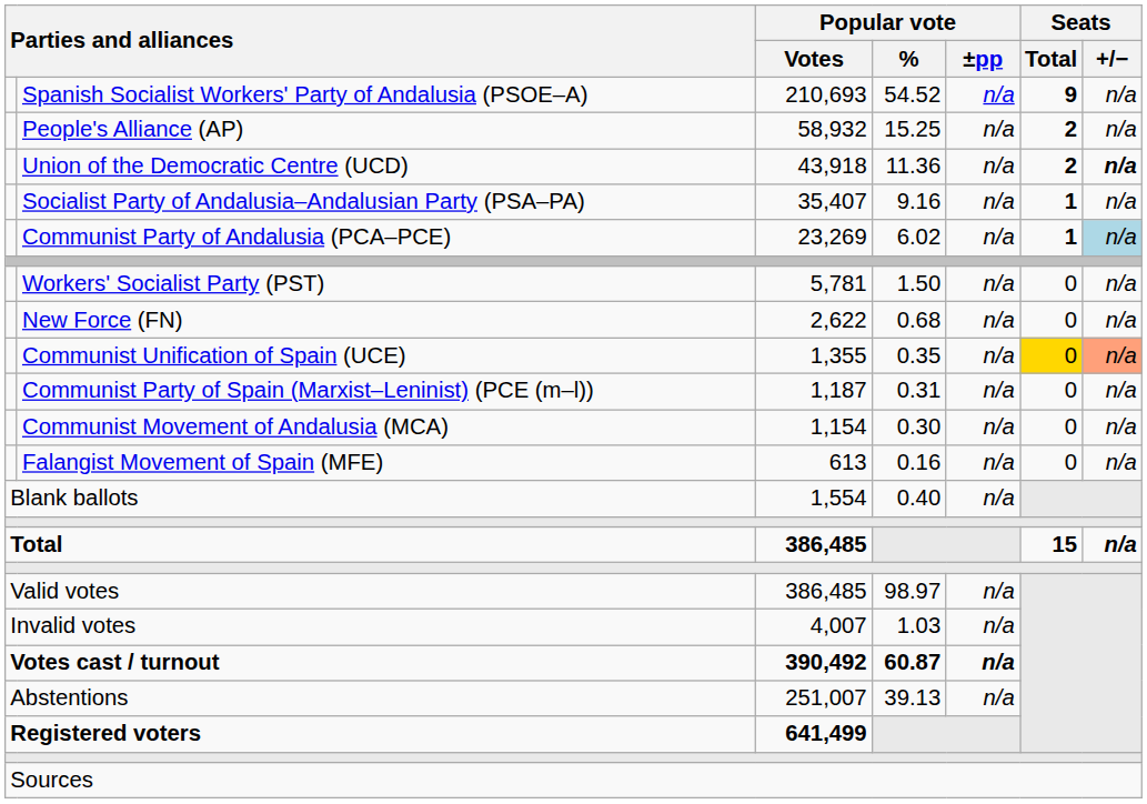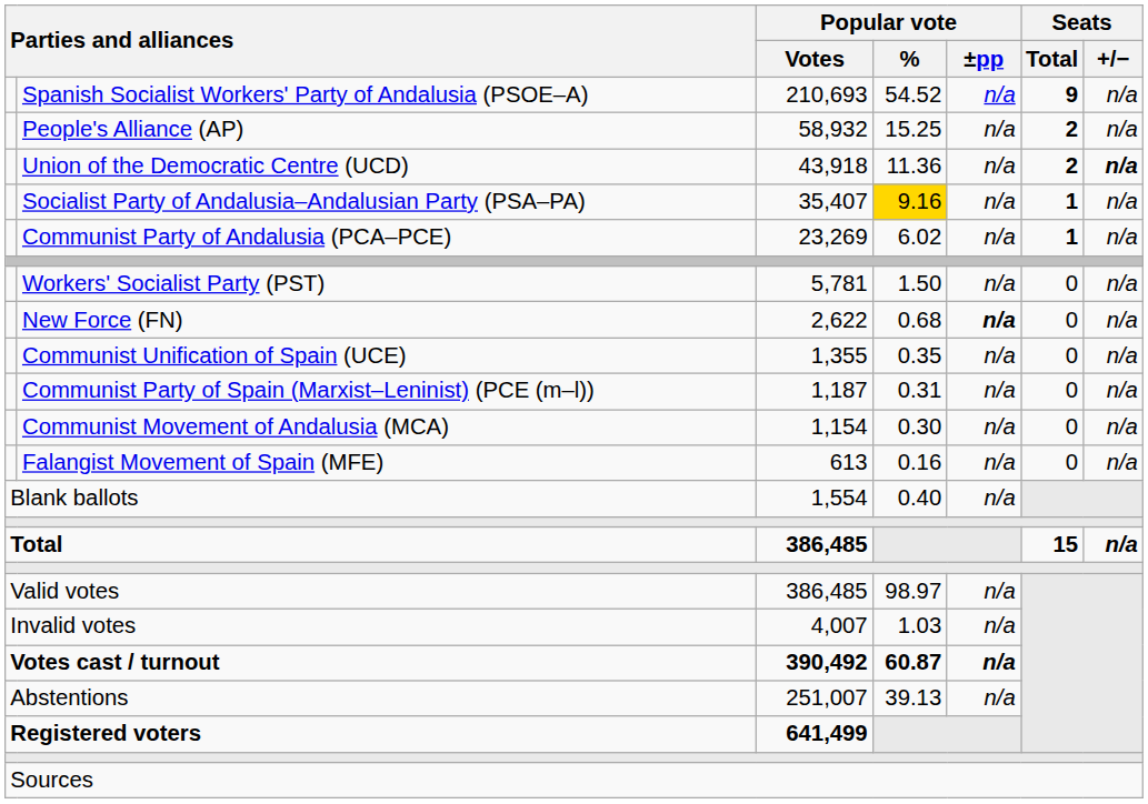 <table class="wikitable" style="text-align:right;">
 <tr>
 <th style="text-align:left;" rowspan="2" colspan="2" width="525">Parties and alliances</th>
 <th colspan="3">Popular vote</th>
 <th colspan="2">Seats</th>
 </tr>
 <tr>
 <th width="75">Votes</th>
 <th width="45">%</th>
 <th width="45">±<a href='#'>pp</a></th>
 <th width="35">Total</th>
 <th width="35">+/−</th>
 </tr>
 <tr>
 <td width="1" style="color:inherit;background:"></td>
 <td align="left"><a href='#'>Spanish Socialist Workers' Party of Andalusia</a> (PSOE–A)</td>
 <td>210,693</td>
 <td>54.52</td>
 <td><em><a href='#'>n/a</a></em></td>
 <td><strong>9</strong></td>
 <td><em>n/a</em></td>
 </tr>
 <tr>
 <td style="color:inherit;background:"></td>
 <td align="left"><a href='#'>People's Alliance</a> (AP)</td>
 <td>58,932</td>
 <td>15.25</td>
 <td><em>n/a</em></td>
 <td><strong>2</strong></td>
 <td><em>n/a</em></td>
 </tr>
 <tr>
 <td style="color:inherit;background:"></td>
 <td align="left"><a href='#'>Union of the Democratic Centre</a> (UCD)</td>
 <td>43,918</td>
 <td>11.36</td>
 <td><em>n/a</em></td>
 <td><strong>2</strong></td>
 <td><strong><em>n/a</em></strong></td>
 </tr>
 <tr>
 <td style="color:inherit;background:"></td>
 <td align="left"><a href='#'>Socialist Party of Andalusia–Andalusian Party</a> (PSA–PA)</td>
 <td>35,407</td>
-<td>9.16</td>
+<td style="background: gold;">9.16</td>
 <td><em>n/a</em></td>
 <td><strong>1</strong></td>
 <td><em>n/a</em></td>
 </tr>
 <tr>
 <td style="color:inherit;background:"></td>
 <td align="left"><a href='#'>Communist Party of Andalusia</a> (PCA–PCE)</td>
 <td>23,269</td>
 <td>6.02</td>
 <td><em>n/a</em></td>
 <td><strong>1</strong></td>
-<td style="background: lightblue;"><em>n/a</em></td>
+<td><em>n/a</em></td>
 </tr>
 <tr>
 <td colspan="7" bgcolor="#C0C0C0"></td>
 </tr>
 <tr>
 <td style="color:inherit;background:"></td>
 <td align="left"><a href='#'>Workers' Socialist Party</a> (PST)</td>
 <td>5,781</td>
 <td>1.50</td>
 <td><em>n/a</em></td>
 <td>0</td>
 <td><em>n/a</em></td>
 </tr>
 <tr>
 <td style="color:inherit;background:"></td>
 <td align="left"><a href='#'>New Force</a> (FN)</td>
 <td>2,622</td>
 <td>0.68</td>
-<td><em>n/a</em></td>
+<td><strong><em>n/a</em></strong></td>
 <td>0</td>
 <td><em>n/a</em></td>
 </tr>
 <tr>
 <td style="color:inherit;background:"></td>
 <td align="left"><a href='#'>Communist Unification of Spain</a> (UCE)</td>
 <td>1,355</td>
 <td>0.35</td>
 <td><em>n/a</em></td>
-<td style="background: gold;">0</td>
-<td style="background: lightsalmon;"><em>n/a</em></td>
+<td>0</td>
+<td><em>n/a</em></td>
 </tr>
 <tr>
 <td style="color:inherit;background:"></td>
 <td align="left"><a href='#'>Communist Party of Spain (Marxist–Leninist)</a> (PCE (m–l))</td>
 <td>1,187</td>
 <td>0.31</td>
 <td><em>n/a</em></td>
 <td>0</td>
 <td><em>n/a</em></td>
 </tr>
 <tr>
 <td style="color:inherit;background:"></td>
 <td align="left"><a href='#'>Communist Movement of Andalusia</a> (MCA)</td>
 <td>1,154</td>
 <td>0.30</td>
 <td><em>n/a</em></td>
 <td>0</td>
 <td><em>n/a</em></td>
 </tr>
 <tr>
 <td style="color:inherit;background:"></td>
 <td align="left"><a href='#'>Falangist Movement of Spain</a> (MFE)</td>
 <td>613</td>
 <td>0.16</td>
 <td><em>n/a</em></td>
 <td>0</td>
 <td><em>n/a</em></td>
 </tr>
 <tr>
 <td align="left" colspan="2">Blank ballots</td>
 <td>1,554</td>
 <td>0.40</td>
 <td><em>n/a</em></td>
 <td bgcolor="#E9E9E9" colspan="2"></td>
 </tr>
 <tr>
 <td colspan="7" bgcolor="#E9E9E9"></td>
 </tr>
 <tr style="font-weight:bold;">
 <td align="left" colspan="2">Total</td>
 <td>386,485</td>
 <td bgcolor="#E9E9E9" colspan="2"></td>
 <td>15</td>
 <td><em>n/a</em></td>
 </tr>
 <tr>
 <td colspan="7" bgcolor="#E9E9E9"></td>
 </tr>
 <tr>
 <td align="left" colspan="2">Valid votes</td>
 <td>386,485</td>
 <td>98.97</td>
 <td><em>n/a</em></td>
 <td bgcolor="#E9E9E9" colspan="2" rowspan="5"></td>
 </tr>
 <tr>
 <td align="left" colspan="2">Invalid votes</td>
 <td>4,007</td>
 <td>1.03</td>
 <td><em>n/a</em></td>
 </tr>
 <tr style="font-weight:bold;">
 <td align="left" colspan="2">Votes cast / turnout</td>
 <td>390,492</td>
 <td>60.87</td>
 <td><em>n/a</em></td>
 </tr>
 <tr>
 <td align="left" colspan="2">Abstentions</td>
 <td>251,007</td>
 <td>39.13</td>
 <td><em>n/a</em></td>
 </tr>
 <tr style="font-weight:bold;">
 <td align="left" colspan="2">Registered voters</td>
 <td>641,499</td>
 <td bgcolor="#E9E9E9" colspan="2"></td>
 </tr>
 <tr>
 <td colspan="7" bgcolor="#E9E9E9"></td>
 </tr>
 <tr>
 <td align="left" colspan="7">Sources</td>
 </tr>
 </table>
